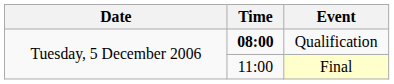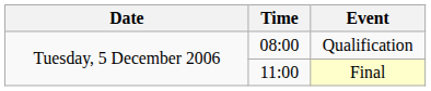 <table class = "wikitable" style="text-align:center;">
 <tr>
 <th width=220>Date</th>
 <th width=50>Time</th>
 <th width=100>Event</th>
 </tr>
 <tr>
 <td rowspan=2>Tuesday, 5 December 2006</td>
-<td><strong>08:00</strong></td>
+<td>08:00</td>
 <td>Qualification</td>
 </tr>
 <tr>
 <td>11:00</td>
 <td bgcolor=ffffcc>Final</td>
 </tr>
 </table>
